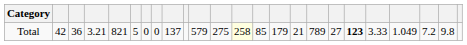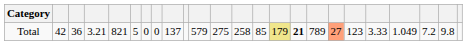 <table class="wikitable"  style="font-size: 95%; text-align:center;">
 <tr>
 <th>Category</th>
 <th></th>
 <th></th>
 <th></th>
 <th></th>
 <th></th>
 <th></th>
 <th></th>
 <th></th>
 <th></th>
 <th></th>
 <th></th>
 <th></th>
 <th></th>
 <th></th>
 <th></th>
 <th></th>
 <th></th>
 <th></th>
 <th></th>
 <th></th>
 <th></th>
 <th></th>
 <th></th>
 </tr>
 <tr>
 <td>Total</td>
 <td>42</td>
 <td>36</td>
 <td>3.21</td>
 <td>821</td>
 <td>5</td>
 <td>0</td>
 <td>0</td>
 <td>137</td>
 <td></td>
 <td>579</td>
 <td>275</td>
-<td style="background: lightyellow;">258</td>
+<td>258</td>
 <td>85</td>
-<td>179</td>
-<td>21</td>
+<td style="background: khaki;">179</td>
+<td><strong>21</strong></td>
 <td>789</td>
-<td>27</td>
-<td><strong>123</strong></td>
+<td style="background: lightsalmon;">27</td>
+<td>123</td>
 <td>3.33</td>
 <td>1.049</td>
 <td>7.2</td>
 <td>9.8</td>
 <td></td>
 </tr>
 </table>
